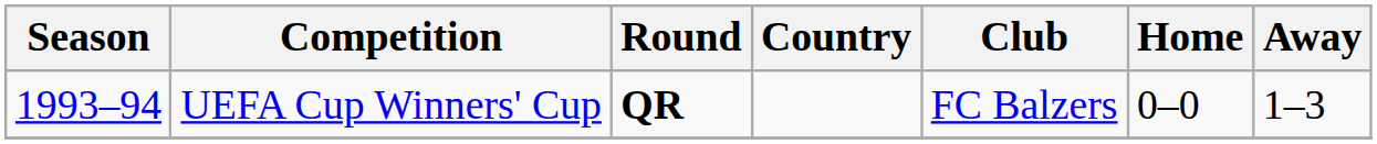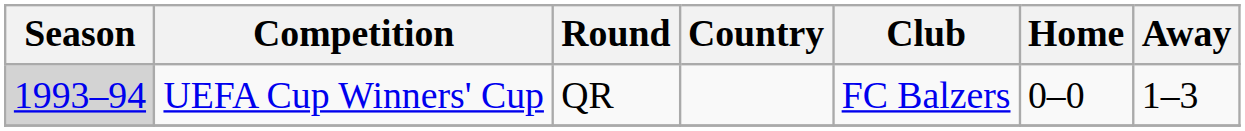 <table class="wikitable">
 <tr>
 <th>Season</th>
 <th>Competition</th>
 <th>Round</th>
 <th>Country</th>
 <th>Club</th>
 <th>Home</th>
 <th>Away</th>
 </tr>
 <tr>
-<td><a href='#'>1993–94</a></td>
+<td style="background: lightgrey;"><a href='#'>1993–94</a></td>
 <td><a href='#'>UEFA Cup Winners' Cup</a></td>
-<td><strong>QR</strong></td>
+<td>QR</td>
 <td></td>
 <td><a href='#'>FC Balzers</a></td>
 <td>0–0</td>
 <td>1–3</td>
 </tr>
 <tr>
 </tr>
 </table>
